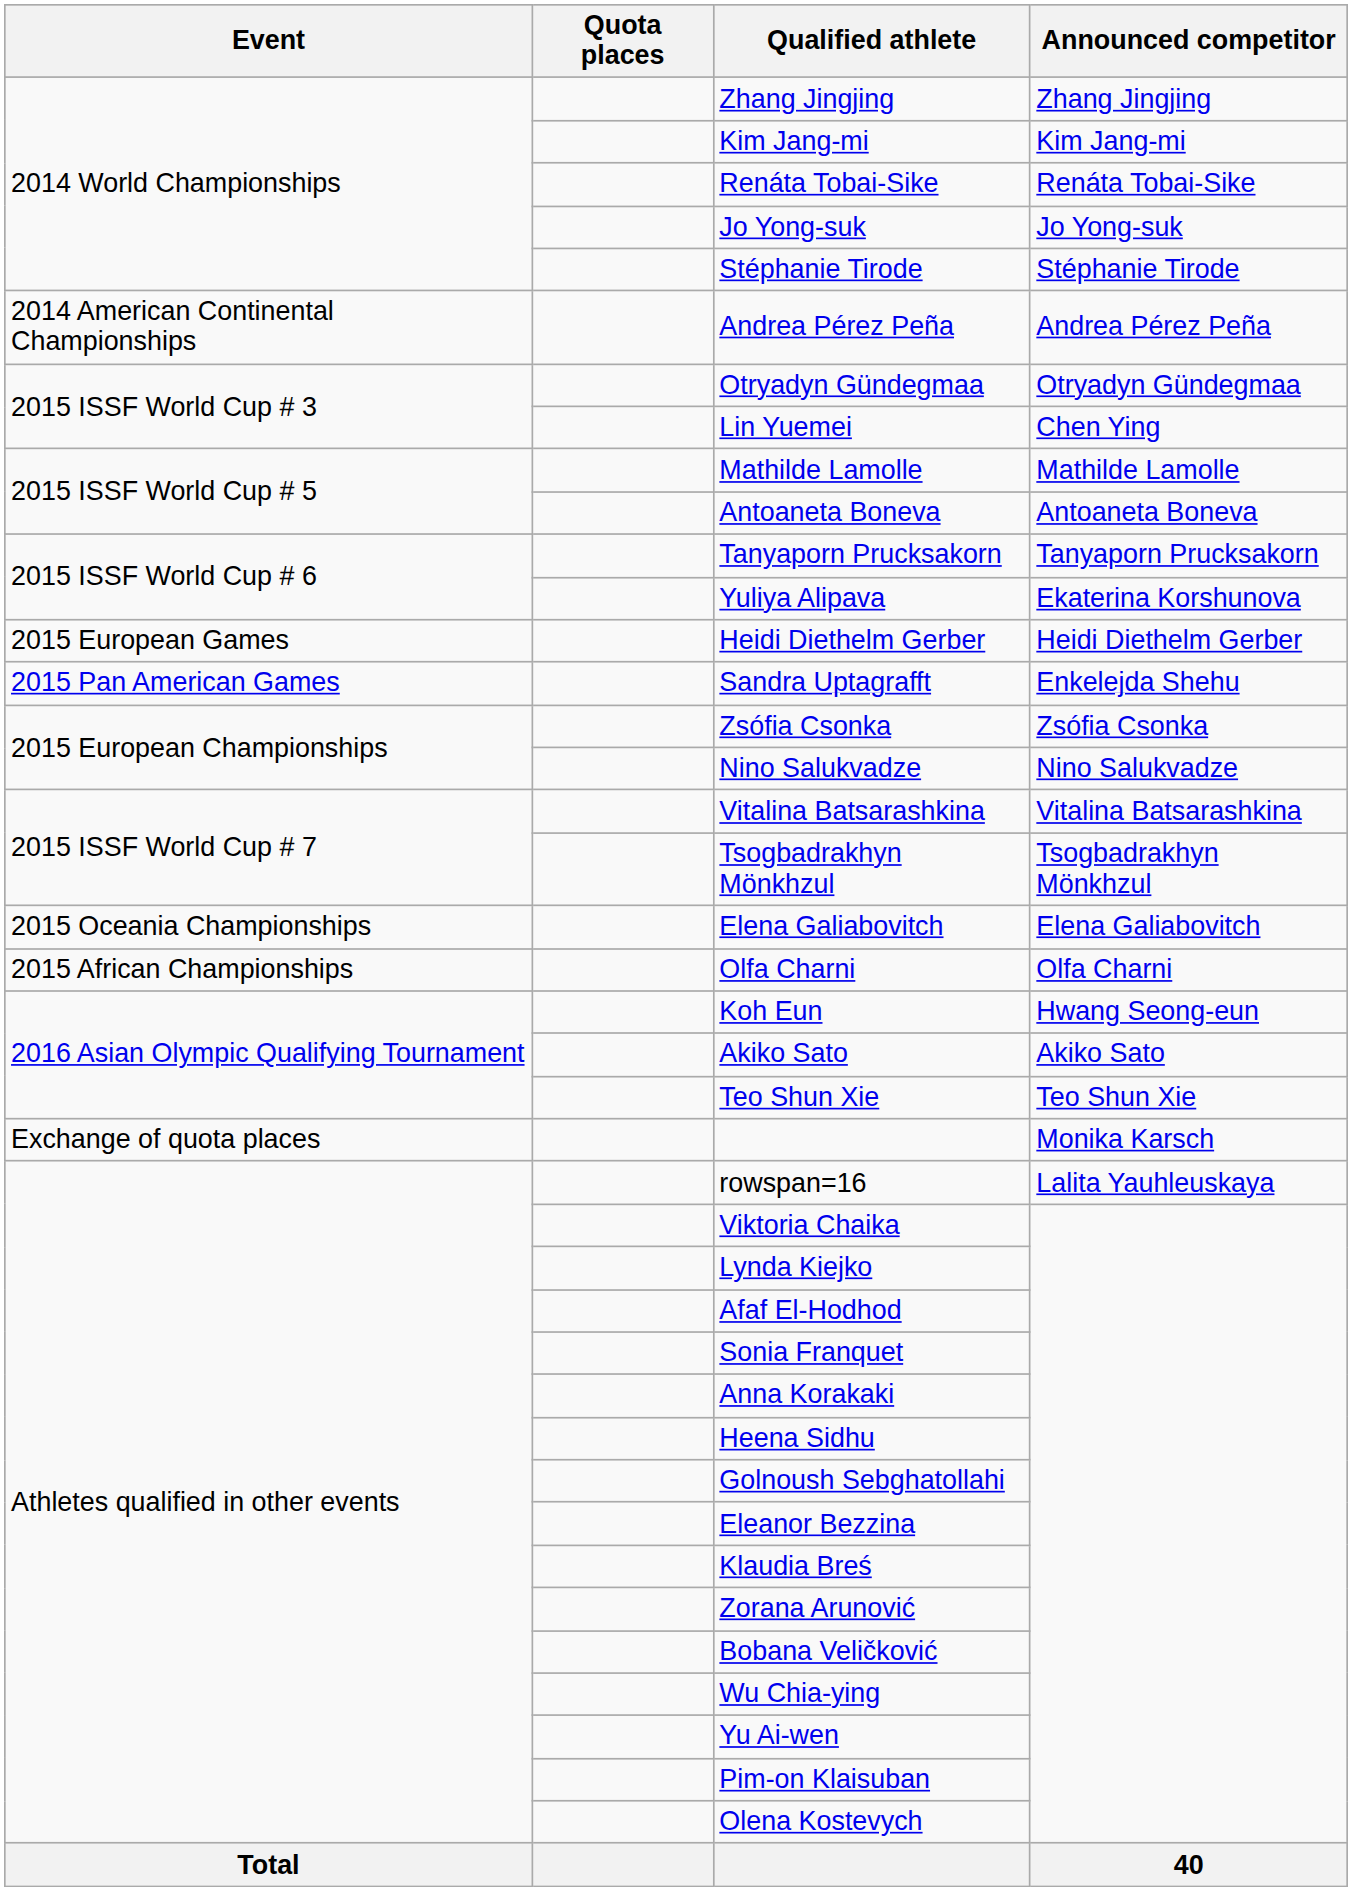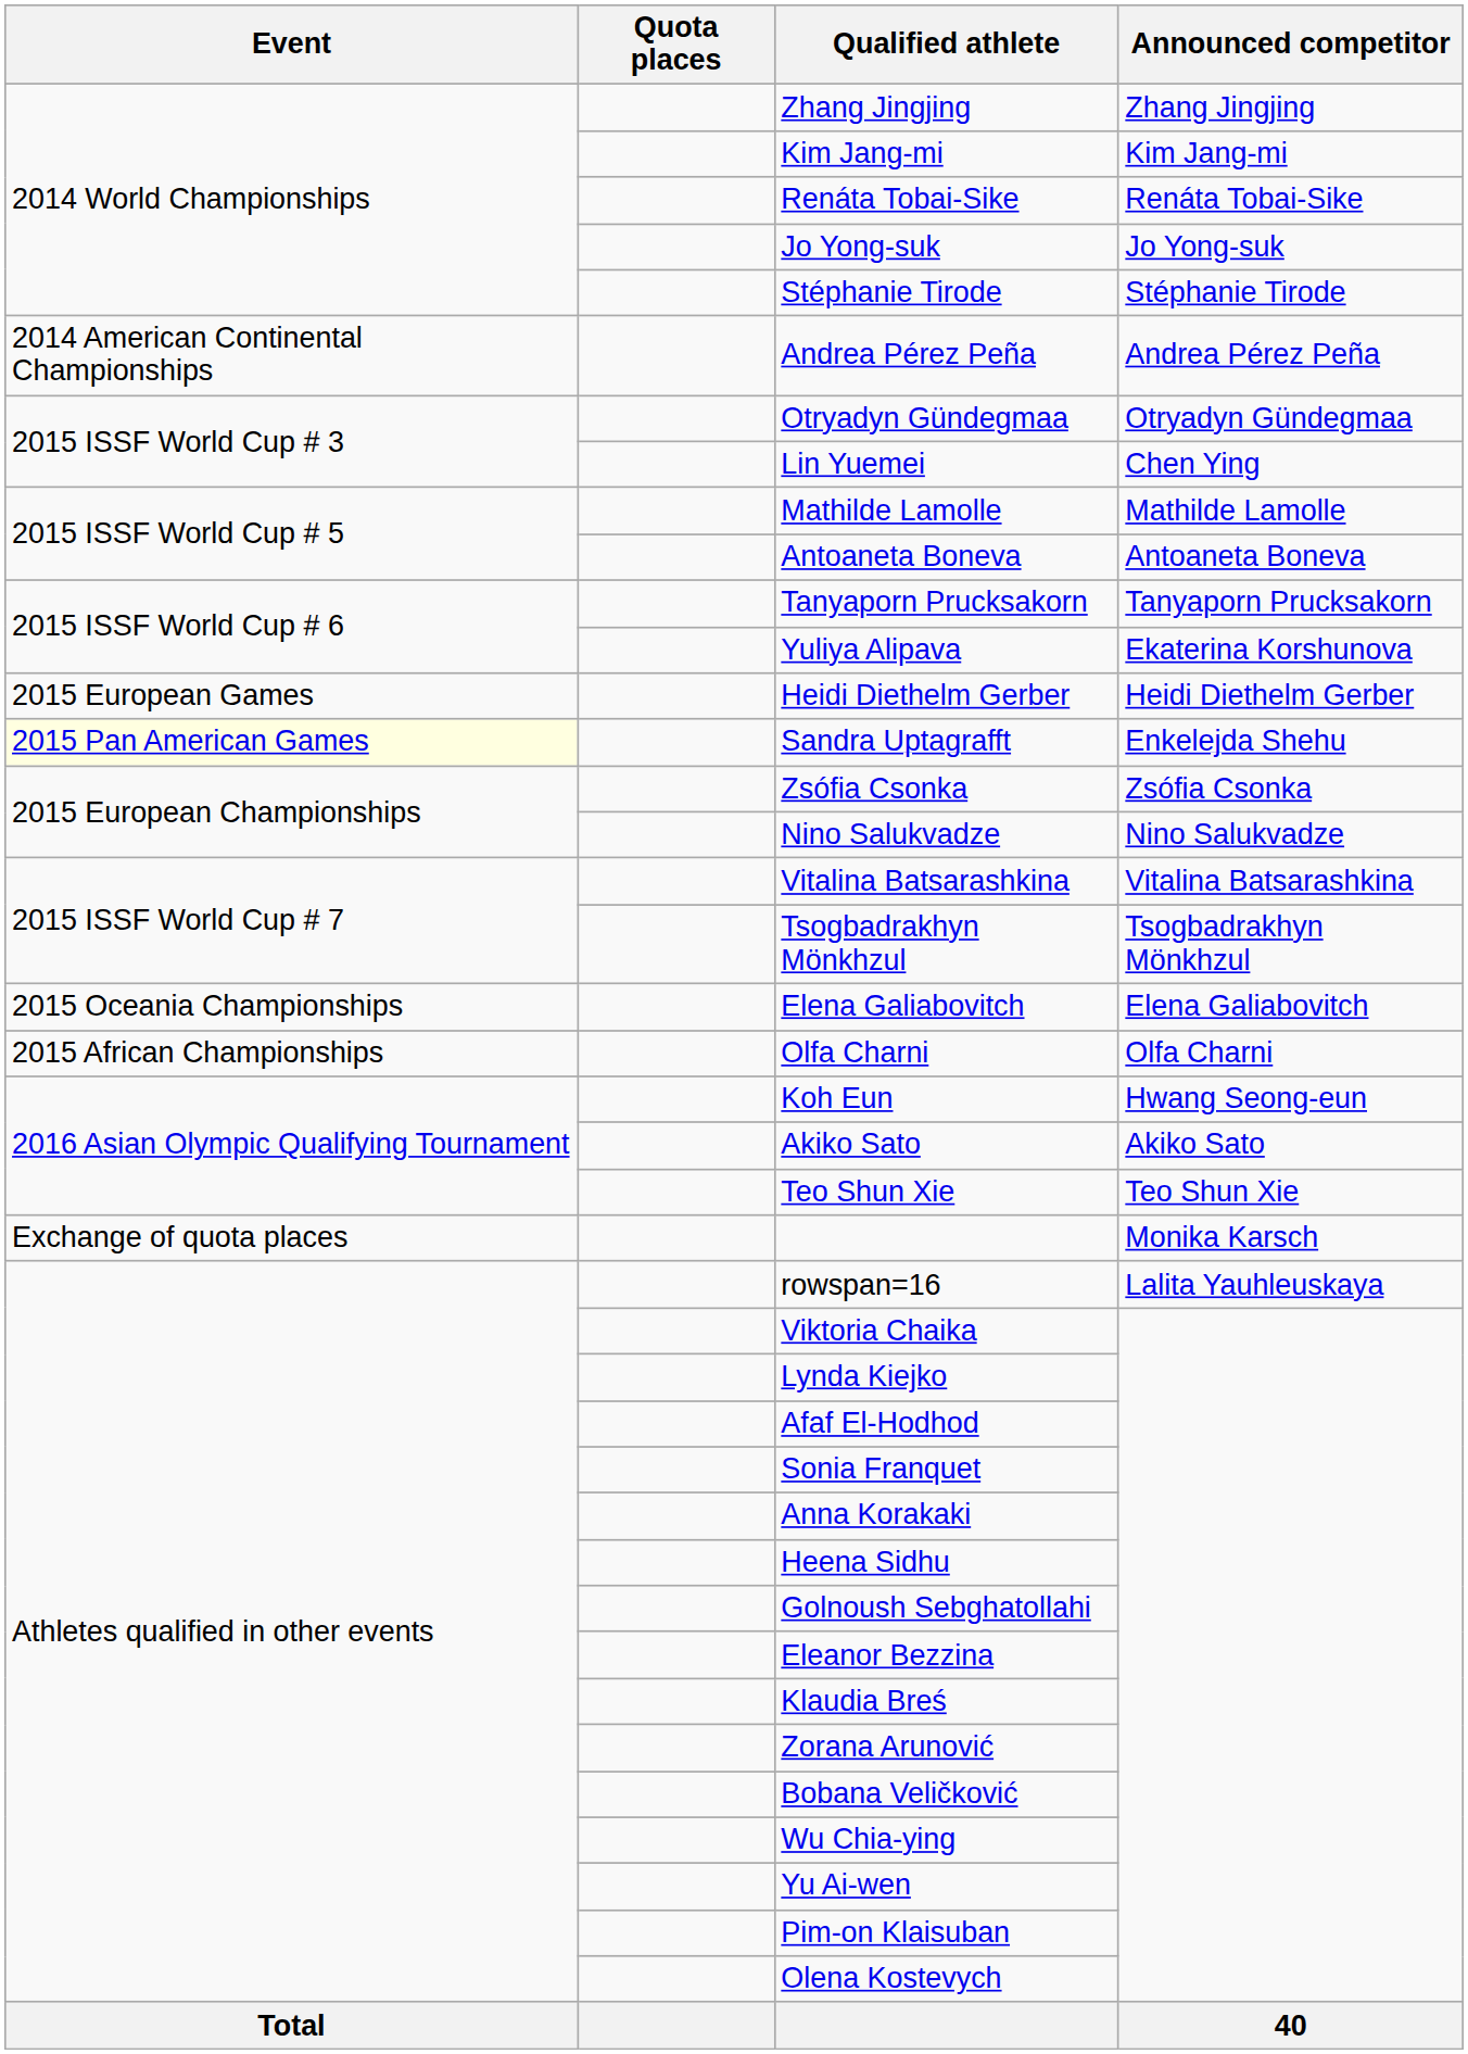 <table class=wikitable style="text-align:left" width=800>
 <tr>
 <th>Event</th>
 <th>Quota places</th>
 <th>Qualified athlete</th>
 <th>Announced competitor</th>
 </tr>
 <tr>
 <td rowspan="5">2014 World Championships</td>
 <td></td>
 <td><a href='#'>Zhang Jingjing</a></td>
 <td><a href='#'>Zhang Jingjing</a></td>
 </tr>
 <tr>
 <td></td>
 <td><a href='#'>Kim Jang-mi</a></td>
 <td><a href='#'>Kim Jang-mi</a></td>
 </tr>
 <tr>
 <td></td>
 <td><a href='#'>Renáta Tobai-Sike</a></td>
 <td><a href='#'>Renáta Tobai-Sike</a></td>
 </tr>
 <tr>
 <td></td>
 <td><a href='#'>Jo Yong-suk</a></td>
 <td><a href='#'>Jo Yong-suk</a></td>
 </tr>
 <tr>
 <td></td>
 <td><a href='#'>Stéphanie Tirode</a></td>
 <td><a href='#'>Stéphanie Tirode</a></td>
 </tr>
 <tr>
 <td>2014 American Continental Championships</td>
 <td></td>
 <td><a href='#'>Andrea Pérez Peña</a></td>
 <td><a href='#'>Andrea Pérez Peña</a></td>
 </tr>
 <tr>
 <td rowspan="2">2015 ISSF World Cup # 3</td>
 <td></td>
 <td><a href='#'>Otryadyn Gündegmaa</a></td>
 <td><a href='#'>Otryadyn Gündegmaa</a></td>
 </tr>
 <tr>
 <td></td>
 <td><a href='#'>Lin Yuemei</a></td>
 <td><a href='#'>Chen Ying</a></td>
 </tr>
 <tr>
 <td rowspan="2">2015 ISSF World Cup # 5</td>
 <td></td>
 <td><a href='#'>Mathilde Lamolle</a></td>
 <td><a href='#'>Mathilde Lamolle</a></td>
 </tr>
 <tr>
 <td></td>
 <td><a href='#'>Antoaneta Boneva</a></td>
 <td><a href='#'>Antoaneta Boneva</a></td>
 </tr>
 <tr>
 <td rowspan="2">2015 ISSF World Cup # 6</td>
 <td></td>
 <td><a href='#'>Tanyaporn Prucksakorn</a></td>
 <td><a href='#'>Tanyaporn Prucksakorn</a></td>
 </tr>
 <tr>
 <td></td>
 <td><a href='#'>Yuliya Alipava</a></td>
 <td><a href='#'>Ekaterina Korshunova</a></td>
 </tr>
 <tr>
 <td>2015 European Games</td>
 <td></td>
 <td><a href='#'>Heidi Diethelm Gerber</a></td>
 <td><a href='#'>Heidi Diethelm Gerber</a></td>
 </tr>
 <tr>
-<td><a href='#'>2015 Pan American Games</a></td>
+<td style="background: lightyellow;"><a href='#'>2015 Pan American Games</a></td>
 <td></td>
 <td><a href='#'>Sandra Uptagrafft</a></td>
 <td><a href='#'>Enkelejda Shehu</a></td>
 </tr>
 <tr>
 <td rowspan="2">2015 European Championships</td>
 <td></td>
 <td><a href='#'>Zsófia Csonka</a></td>
 <td><a href='#'>Zsófia Csonka</a></td>
 </tr>
 <tr>
 <td></td>
 <td><a href='#'>Nino Salukvadze</a></td>
 <td><a href='#'>Nino Salukvadze</a></td>
 </tr>
 <tr>
 <td rowspan="2">2015 ISSF World Cup # 7</td>
 <td></td>
 <td><a href='#'>Vitalina Batsarashkina</a></td>
 <td><a href='#'>Vitalina Batsarashkina</a></td>
 </tr>
 <tr>
 <td></td>
 <td><a href='#'>Tsogbadrakhyn Mönkhzul</a></td>
 <td><a href='#'>Tsogbadrakhyn Mönkhzul</a></td>
 </tr>
 <tr>
 <td rowspan="1">2015 Oceania Championships</td>
 <td></td>
 <td><a href='#'>Elena Galiabovitch</a></td>
 <td><a href='#'>Elena Galiabovitch</a></td>
 </tr>
 <tr>
 <td rowspan="1">2015 African Championships</td>
 <td></td>
 <td><a href='#'>Olfa Charni</a></td>
 <td><a href='#'>Olfa Charni</a></td>
 </tr>
 <tr>
 <td rowspan=3><a href='#'>2016 Asian Olympic Qualifying Tournament</a></td>
 <td></td>
 <td><a href='#'>Koh Eun</a></td>
 <td><a href='#'>Hwang Seong-eun</a></td>
 </tr>
 <tr>
 <td></td>
 <td><a href='#'>Akiko Sato</a></td>
 <td><a href='#'>Akiko Sato</a></td>
 </tr>
 <tr>
 <td></td>
 <td><a href='#'>Teo Shun Xie</a></td>
 <td><a href='#'>Teo Shun Xie</a></td>
 </tr>
 <tr>
 <td>Exchange of quota places</td>
 <td></td>
 <td></td>
 <td><a href='#'>Monika Karsch</a></td>
 </tr>
 <tr>
 <td rowspan="16">Athletes qualified in other events</td>
 <td></td>
 <td>rowspan=16 </td>
 <td><a href='#'>Lalita Yauhleuskaya</a></td>
 </tr>
 <tr>
 <td></td>
 <td><a href='#'>Viktoria Chaika</a></td>
 </tr>
 <tr>
 <td></td>
 <td><a href='#'>Lynda Kiejko</a></td>
 </tr>
 <tr>
 <td></td>
 <td><a href='#'>Afaf El-Hodhod</a></td>
 </tr>
 <tr>
 <td></td>
 <td><a href='#'>Sonia Franquet</a></td>
 </tr>
 <tr>
 <td></td>
 <td><a href='#'>Anna Korakaki</a></td>
 </tr>
 <tr>
 <td></td>
 <td><a href='#'>Heena Sidhu</a></td>
 </tr>
 <tr>
 <td></td>
 <td><a href='#'>Golnoush Sebghatollahi</a></td>
 </tr>
 <tr>
 <td></td>
 <td><a href='#'>Eleanor Bezzina</a></td>
 </tr>
 <tr>
 <td></td>
 <td><a href='#'>Klaudia Breś</a></td>
 </tr>
 <tr>
 <td></td>
 <td><a href='#'>Zorana Arunović</a></td>
 </tr>
 <tr>
 <td></td>
 <td><a href='#'>Bobana Veličković</a></td>
 </tr>
 <tr>
 <td></td>
 <td><a href='#'>Wu Chia-ying</a></td>
 </tr>
 <tr>
 <td></td>
 <td><a href='#'>Yu Ai-wen</a></td>
 </tr>
 <tr>
 <td></td>
 <td><a href='#'>Pim-on Klaisuban</a></td>
 </tr>
 <tr>
 <td></td>
 <td><a href='#'>Olena Kostevych</a></td>
 </tr>
 <tr>
 <th>Total</th>
 <th></th>
 <th></th>
 <th>40</th>
 </tr>
 </table>
